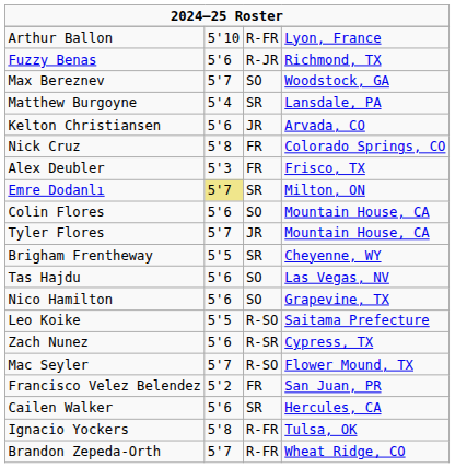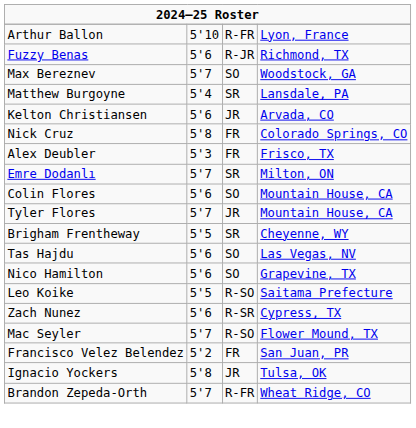 <table class="wikitable">
 <tr style="text-align:center;">
 <td colspan=4><strong>2024–25 Roster</strong></td>
 </tr>
 <tr>
 </tr>
 <tr>
 <td>Arthur Ballon</td>
 <td>5'10</td>
 <td>R-FR</td>
 <td><a href='#'>Lyon, France</a></td>
 </tr>
 <tr>
 <td><a href='#'>Fuzzy Benas</a></td>
 <td>5'6</td>
 <td>R-JR</td>
 <td><a href='#'>Richmond, TX</a></td>
 </tr>
 <tr>
 <td>Max Bereznev</td>
 <td>5'7</td>
 <td>SO</td>
 <td><a href='#'>Woodstock, GA</a></td>
 </tr>
 <tr>
 <td>Matthew Burgoyne</td>
 <td>5'4</td>
 <td>SR</td>
 <td><a href='#'>Lansdale, PA</a></td>
 </tr>
 <tr>
 <td>Kelton Christiansen</td>
 <td>5'6</td>
 <td>JR</td>
 <td><a href='#'>Arvada, CO</a></td>
 </tr>
 <tr>
 <td>Nick Cruz</td>
 <td>5'8</td>
 <td>FR</td>
 <td><a href='#'>Colorado Springs, CO</a></td>
 </tr>
 <tr>
 <td>Alex Deubler</td>
 <td>5'3</td>
 <td>FR</td>
 <td><a href='#'>Frisco, TX</a></td>
 </tr>
 <tr>
 <td><a href='#'>Emre Dodanlı</a></td>
-<td style="background: khaki;">5'7</td>
+<td>5'7</td>
 <td>SR</td>
 <td><a href='#'>Milton, ON</a></td>
 </tr>
 <tr>
 <td>Colin Flores</td>
 <td>5'6</td>
 <td>SO</td>
 <td><a href='#'>Mountain House, CA</a></td>
 </tr>
 <tr>
 <td>Tyler Flores</td>
 <td>5'7</td>
 <td>JR</td>
 <td><a href='#'>Mountain House, CA</a></td>
 </tr>
 <tr>
 <td>Brigham Frentheway</td>
 <td>5'5</td>
 <td>SR</td>
 <td><a href='#'>Cheyenne, WY</a></td>
 </tr>
 <tr>
 <td>Tas Hajdu</td>
 <td>5'6</td>
 <td>SO</td>
 <td><a href='#'>Las Vegas, NV</a></td>
 </tr>
 <tr>
 <td>Nico Hamilton</td>
 <td>5'6</td>
 <td>SO</td>
 <td><a href='#'>Grapevine, TX</a></td>
 </tr>
 <tr>
 <td>Leo Koike</td>
 <td>5'5</td>
 <td>R-SO</td>
 <td><a href='#'>Saitama Prefecture</a></td>
 </tr>
 <tr>
 <td>Zach Nunez</td>
 <td>5'6</td>
 <td>R-SR</td>
 <td><a href='#'>Cypress, TX</a></td>
 </tr>
 <tr>
 <td>Mac Seyler</td>
 <td>5'7</td>
 <td>R-SO</td>
 <td><a href='#'>Flower Mound, TX</a></td>
 </tr>
 <tr>
 <td>Francisco Velez Belendez</td>
 <td>5'2</td>
 <td>FR</td>
 <td><a href='#'>San Juan, PR</a></td>
 </tr>
 <tr>
-<td>Cailen Walker</td>
-<td>5'6</td>
-<td>SR</td>
-<td><a href='#'>Hercules, CA</a></td>
-</tr>
-<tr>
 <td>Ignacio Yockers</td>
 <td>5'8</td>
-<td>R-FR</td>
+<td>JR</td>
 <td><a href='#'>Tulsa, OK</a></td>
 </tr>
 <tr>
 <td>Brandon Zepeda-Orth</td>
 <td>5'7</td>
 <td>R-FR</td>
 <td><a href='#'>Wheat Ridge, CO</a></td>
 </tr>
 </table>
